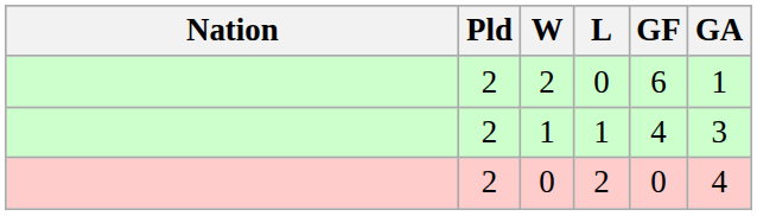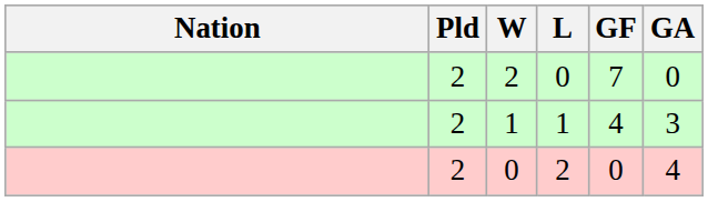 <table class=wikitable style="text-align:center">
 <tr>
 <th width=220>Nation</th>
 <th width=20>Pld</th>
 <th width=20>W</th>
 <th width=20>L</th>
 <th width=20>GF</th>
 <th width=20>GA</th>
 </tr>
 <tr bgcolor=ccffcc>
 <td align=left></td>
 <td>2</td>
 <td>2</td>
 <td>0</td>
-<td>6</td>
-<td>1</td>
+<td>7</td>
+<td>0</td>
 </tr>
 <tr bgcolor=ccffcc>
 <td align=left></td>
 <td>2</td>
 <td>1</td>
 <td>1</td>
 <td>4</td>
 <td>3</td>
 </tr>
 <tr bgcolor=ffcccc>
 <td align=left></td>
 <td>2</td>
 <td>0</td>
 <td>2</td>
 <td>0</td>
 <td>4</td>
 </tr>
 </table>
